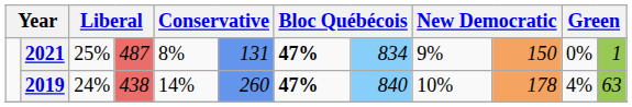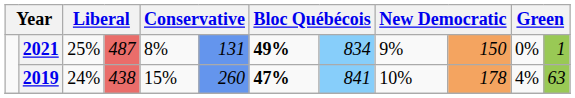 <table class="wikitable" style="width:400; font-size:90%; margin-left:1em;">
 <tr>
 <th colspan="2" scope="col">Year</th>
 <th colspan="2" scope="col"><a href='#'>Liberal</a></th>
 <th colspan="2" scope="col"><a href='#'>Conservative</a></th>
 <th colspan="2" scope="col"><a href='#'>Bloc Québécois</a></th>
 <th colspan="2" scope="col"><a href='#'>New Democratic</a></th>
 <th colspan="2" scope="col"><a href='#'>Green</a></th>
 </tr>
 <tr>
 <td rowspan="2" style="width: 0.25em; background-color: "></td>
 <th><a href='#'>2021</a></th>
 <td>25%</td>
 <td style="text-align:right; background:#EA6D6A;"><em>487</em></td>
 <td>8%</td>
 <td style="text-align:right; background:#6495ED;"><em>131</em></td>
-<td><strong>47%</strong></td>
+<td><strong>49%</strong></td>
 <td style="text-align:right; background:#87CEFA;"><em>834</em></td>
 <td>9%</td>
 <td style="text-align:right; background:#F4A460;"><em>150</em></td>
 <td>0%</td>
 <td style="text-align:right; background:#99C955;"><em>1</em></td>
 </tr>
 <tr>
 <th><a href='#'>2019</a></th>
 <td>24%</td>
 <td style="text-align:right; background:#EA6D6A;"><em>438</em></td>
-<td>14%</td>
+<td>15%</td>
 <td style="text-align:right; background:#6495ED;"><em>260</em></td>
 <td><strong>47%</strong></td>
-<td style="text-align:right; background:#87CEFA;"><em>840</em></td>
+<td style="text-align:right; background:#87CEFA;"><em>841</em></td>
 <td>10%</td>
 <td style="text-align:right; background:#F4A460;"><em>178</em></td>
 <td>4%</td>
 <td style="text-align:right; background:#99C955;"><em>63</em></td>
 </tr>
 <tr>
 </tr>
 </table>
